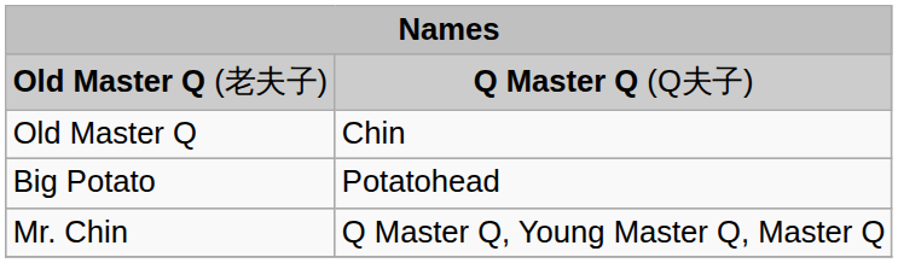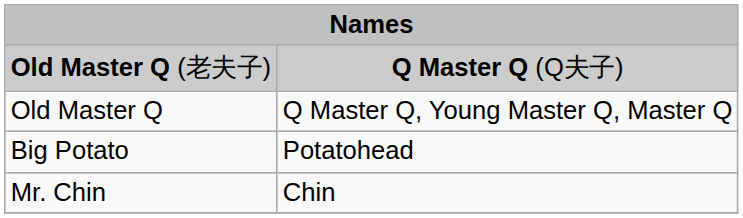 <table class="wikitable">
 <tr style="background:#ccc; text-align:center;">
 <th colspan="6" style="background: silver;">Names</th>
 </tr>
 <tr style="background:#ccc; text-align:center;">
 <td><strong>Old Master Q</strong> (老夫子)</td>
 <td><strong>Q Master Q</strong> (Q夫子)</td>
 </tr>
 <tr>
 <td>Old Master Q</td>
-<td>Chin</td>
+<td>Q Master Q, Young Master Q, Master Q</td>
 </tr>
 <tr>
 <td>Big Potato</td>
 <td>Potatohead</td>
 </tr>
 <tr>
 <td>Mr. Chin</td>
-<td>Q Master Q, Young Master Q, Master Q</td>
+<td>Chin</td>
 </tr>
 <tr>
 </tr>
 </table>
